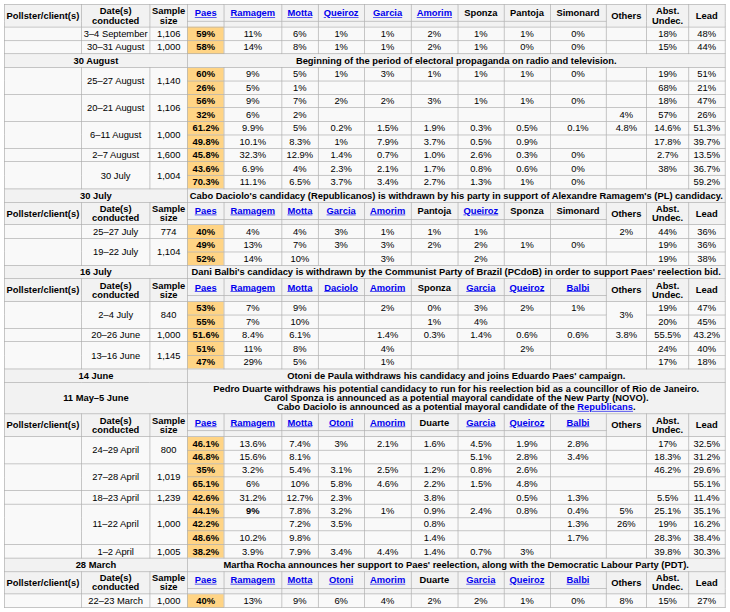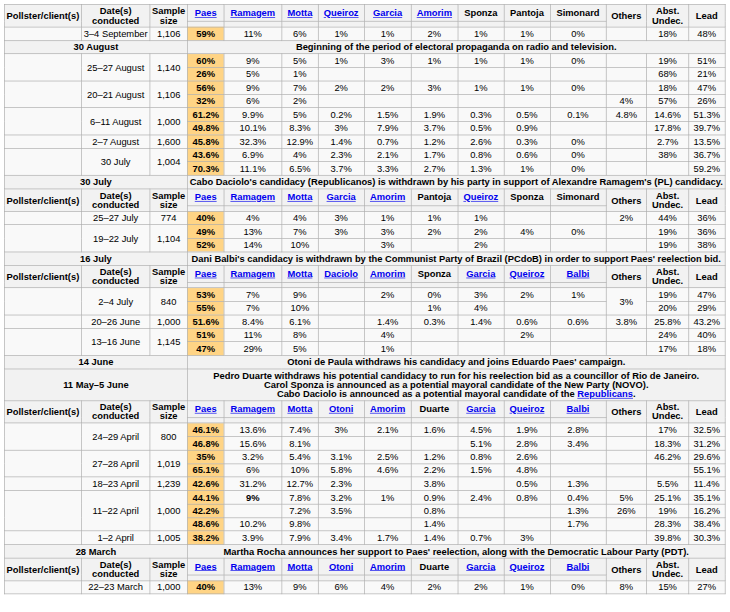 <table class="wikitable" style="text-align:center;font-size:90%;line-height:14px;">
 <tr>
 <th rowspan="2">Pollster/client(s)</th>
 <th rowspan="2">Date(s)<br>conducted</th>
 <th rowspan="2">Sample<br>size</th>
 <th><a href='#'>Paes</a><br></th>
 <th><a href='#'>Ramagem</a><br></th>
 <th><a href='#'>Motta</a><br></th>
 <th><a href='#'>Queiroz</a><br></th>
 <th><a href='#'>Garcia</a><br></th>
 <th><a href='#'>Amorim</a><br></th>
 <th>Sponza<br></th>
 <th>Pantoja<br></th>
 <th>Simonard<br></th>
 <th rowspan="2">Others</th>
 <th rowspan="2">Abst.<br>Undec.</th>
 <th rowspan="2">Lead</th>
 </tr>
 <tr>
 <th class="sortable" data-sort-type="number" style="background:"></th>
 <th class="sortable" data-sort-type="number" style="background:"></th>
 <th class="sortable" data-sort-type="number" style="background:"></th>
 <th class="sortable" data-sort-type="number" style="background:"></th>
 <th class="sortable" data-sort-type="number" style="background:"></th>
 <th class="sortable" data-sort-type="number" style="background:"></th>
 <th class="sortable" data-sort-type="number" style="background:"></th>
 <th class="sortable" data-sort-type="number" style="background:"></th>
 <th class="sortable" data-sort-type="number" style="background:"></th>
 </tr>
 <tr>
 <td></td>
 <td>3–4 September</td>
 <td>1,106</td>
 <td style="background:#ffd485;"><strong>59%</strong></td>
 <td>11%</td>
 <td>6%</td>
 <td>1%</td>
 <td>1%</td>
 <td>2%</td>
 <td>1%</td>
 <td>1%</td>
 <td>0%</td>
 <td></td>
 <td>18%</td>
 <td style="background:">48%</td>
-</tr>
-<tr>
-<td></td>
-<td>30–31 August</td>
-<td>1,000</td>
-<td style="background:#ffd485;"><strong>58%</strong></td>
-<td>14%</td>
-<td>8%</td>
-<td>1%</td>
-<td>1%</td>
-<td>2%</td>
-<td>1%</td>
-<td>0%</td>
-<td>0%</td>
-<td></td>
-<td>15%</td>
-<td style="background:">44%</td>
 </tr>
 <tr>
 <th colspan="3">30 August</th>
 <th colspan="12">Beginning of the period of electoral propaganda on radio and television.</th>
 </tr>
 <tr>
 <td rowspan="2"></td>
 <td rowspan="2">25–27 August</td>
 <td rowspan="2">1,140</td>
 <td style="background:#ffd485;"><strong>60%</strong></td>
 <td>9%</td>
 <td>5%</td>
 <td>1%</td>
 <td>3%</td>
 <td>1%</td>
 <td>1%</td>
 <td>1%</td>
 <td>0%</td>
 <td></td>
 <td>19%</td>
 <td style="background:">51%</td>
 </tr>
 <tr>
 <td style="background:#ffd485;"><strong>26%</strong></td>
 <td>5%</td>
 <td>1%</td>
 <td></td>
 <td></td>
 <td></td>
 <td></td>
 <td></td>
 <td></td>
 <td></td>
 <td>68%</td>
 <td style="background:">21%</td>
 </tr>
 <tr>
 <td rowspan="2"></td>
 <td rowspan="2">20–21 August</td>
 <td rowspan="2">1,106</td>
 <td style="background:#ffd485;"><strong>56%</strong></td>
 <td>9%</td>
 <td>7%</td>
 <td>2%</td>
 <td>2%</td>
 <td>3%</td>
 <td>1%</td>
 <td>1%</td>
 <td>0%</td>
 <td></td>
 <td>18%</td>
 <td style="background:">47%</td>
 </tr>
 <tr>
 <td style="background:#ffd485;"><strong>32%</strong></td>
 <td>6%</td>
 <td>2%</td>
 <td></td>
 <td></td>
 <td></td>
 <td></td>
 <td></td>
 <td></td>
 <td>4%</td>
 <td>57%</td>
 <td style="background:">26%</td>
 </tr>
 <tr>
 <td rowspan="2"></td>
 <td rowspan="2">6–11 August</td>
 <td rowspan="2">1,000</td>
 <td style="background:#ffd485;"><strong>61.2%</strong></td>
 <td>9.9%</td>
 <td>5%</td>
 <td>0.2%</td>
 <td>1.5%</td>
 <td>1.9%</td>
 <td>0.3%</td>
 <td>0.5%</td>
 <td>0.1%</td>
 <td>4.8%</td>
 <td>14.6%</td>
 <td style="background:">51.3%</td>
 </tr>
 <tr>
 <td style="background:#ffd485;"><strong>49.8%</strong></td>
 <td>10.1%</td>
 <td>8.3%</td>
-<td>1%</td>
+<td>3%</td>
 <td>7.9%</td>
 <td>3.7%</td>
 <td>0.5%</td>
 <td>0.9%</td>
 <td></td>
 <td></td>
 <td>17.8%</td>
 <td style="background:">39.7%</td>
 </tr>
 <tr>
 <td></td>
 <td>2–7 August</td>
 <td>1,600</td>
 <td style="background:#ffd485;"><strong>45.8%</strong></td>
 <td>32.3%</td>
 <td>12.9%</td>
 <td>1.4%</td>
 <td>0.7%</td>
-<td>1.0%</td>
+<td>1.2%</td>
 <td>2.6%</td>
 <td>0.3%</td>
 <td>0%</td>
 <td></td>
 <td>2.7%</td>
 <td style="background:">13.5%</td>
 </tr>
 <tr>
 <td rowspan="2"></td>
 <td rowspan="2">30 July</td>
 <td rowspan="2">1,004</td>
 <td style="background:#ffd485;"><strong>43.6%</strong></td>
 <td>6.9%</td>
 <td>4%</td>
 <td>2.3%</td>
 <td>2.1%</td>
 <td>1.7%</td>
 <td>0.8%</td>
 <td>0.6%</td>
 <td>0%</td>
 <td></td>
 <td>38%</td>
 <td style="background:">36.7%</td>
 </tr>
 <tr>
 <td style="background:#ffd485;"><strong>70.3%</strong></td>
 <td>11.1%</td>
 <td>6.5%</td>
 <td>3.7%</td>
-<td>3.4%</td>
+<td>3.3%</td>
 <td>2.7%</td>
 <td>1.3%</td>
 <td>1%</td>
 <td>0%</td>
 <td></td>
 <td></td>
 <td style="background:">59.2%</td>
 </tr>
 <tr>
 <th colspan="3">30 July</th>
 <th colspan="12">Cabo Daciolo's candidacy (Republicanos) is withdrawn by his party in support of Alexandre Ramagem's (PL) candidacy.</th>
 </tr>
 <tr>
 <th rowspan="2">Pollster/client(s)</th>
 <th rowspan="2">Date(s)<br>conducted</th>
 <th rowspan="2">Sample<br>size</th>
 <th><a href='#'>Paes</a><br></th>
 <th><a href='#'>Ramagem</a><br></th>
 <th><a href='#'>Motta</a><br></th>
 <th><a href='#'>Garcia</a><br></th>
 <th><a href='#'>Amorim</a><br></th>
 <th>Pantoja<br></th>
 <th><a href='#'>Queiroz</a><br></th>
 <th>Sponza<br></th>
 <th>Simonard<br></th>
 <th rowspan="2">Others</th>
 <th rowspan="2">Abst.<br>Undec.</th>
 <th rowspan="2">Lead</th>
 </tr>
 <tr>
 <th class="sortable" data-sort-type="number" style="background:"></th>
 <th class="sortable" data-sort-type="number" style="background:"></th>
 <th class="sortable" data-sort-type="number" style="background:"></th>
 <th class="sortable" data-sort-type="number" style="background:"></th>
 <th class="sortable" data-sort-type="number" style="background:"></th>
 <th class="sortable" data-sort-type="number" style="background:"></th>
 <th class="sortable" data-sort-type="number" style="background:"></th>
 <th class="sortable" data-sort-type="number" style="background:"></th>
 <th class="sortable" data-sort-type="number" style="background:"></th>
 </tr>
 <tr>
 <td></td>
 <td>25–27 July</td>
 <td>774</td>
 <td style="background:#ffd485;"><strong>40%</strong></td>
 <td>4%</td>
 <td>4%</td>
 <td>3%</td>
 <td>1%</td>
 <td>1%</td>
 <td>1%</td>
 <td></td>
 <td></td>
 <td>2%</td>
 <td>44%</td>
 <td style="background:">36%</td>
 </tr>
 <tr>
 <td rowspan="2"></td>
 <td rowspan="2">19–22 July</td>
 <td rowspan="2">1,104</td>
 <td style="background:#ffd485;"><strong>49%</strong></td>
 <td>13%</td>
 <td>7%</td>
 <td>3%</td>
 <td>3%</td>
 <td>2%</td>
 <td>2%</td>
-<td>1%</td>
+<td>4%</td>
 <td>0%</td>
 <td></td>
 <td>19%</td>
 <td style="background:">36%</td>
 </tr>
 <tr>
 <td style="background:#ffd485;"><strong>52%</strong></td>
 <td>14%</td>
 <td>10%</td>
 <td></td>
 <td>3%</td>
 <td></td>
 <td>2%</td>
 <td></td>
 <td></td>
 <td></td>
 <td>19%</td>
 <td style="background:">38%</td>
 </tr>
 <tr>
 <th colspan="3">16 July</th>
 <th colspan="12">Dani Balbi's candidacy is withdrawn by the Communist Party of Brazil (PCdoB) in order to support Paes' reelection bid.</th>
 </tr>
 <tr>
 <th rowspan="2">Pollster/client(s)</th>
 <th rowspan="2">Date(s)<br>conducted</th>
 <th rowspan="2">Sample<br>size</th>
 <th><a href='#'>Paes</a><br></th>
 <th><a href='#'>Ramagem</a><br></th>
 <th><a href='#'>Motta</a><br></th>
 <th><a href='#'>Daciolo</a><br></th>
 <th><a href='#'>Amorim</a><br></th>
 <th>Sponza<br></th>
 <th><a href='#'>Garcia</a><br></th>
 <th><a href='#'>Queiroz</a><br></th>
 <th><a href='#'>Balbi</a><br></th>
 <th rowspan="2">Others</th>
 <th rowspan="2">Abst.<br>Undec.</th>
 <th rowspan="2">Lead</th>
 </tr>
 <tr>
 <th class="sortable" data-sort-type="number" style="background:"></th>
 <th class="sortable" data-sort-type="number" style="background:"></th>
 <th class="sortable" data-sort-type="number" style="background:"></th>
 <th class="sortable" data-sort-type="number" style="background:"></th>
 <th class="sortable" data-sort-type="number" style="background:"></th>
 <th class="sortable" data-sort-type="number" style="background:"></th>
 <th class="sortable" data-sort-type="number" style="background:"></th>
 <th class="sortable" data-sort-type="number" style="background:"></th>
 <th class="sortable" data-sort-type="number" style="background:"></th>
 </tr>
 <tr>
 <td rowspan="2"></td>
 <td rowspan="2">2–4 July</td>
 <td rowspan="2">840</td>
 <td style="background:#ffd485;"><strong>53%</strong></td>
 <td>7%</td>
 <td>9%</td>
 <td></td>
 <td>2%</td>
 <td>0%</td>
 <td>3%</td>
 <td>2%</td>
 <td>1%</td>
 <td rowspan="2">3%</td>
 <td>19%</td>
 <td style="background:">47%</td>
 </tr>
 <tr>
 <td style="background:#ffd485;"><strong>55%</strong></td>
 <td>7%</td>
 <td>10%</td>
 <td></td>
 <td></td>
 <td>1%</td>
 <td>4%</td>
 <td></td>
 <td></td>
 <td>20%</td>
-<td style="background:">45%</td>
+<td style="background:">29%</td>
 </tr>
 <tr>
 <td></td>
 <td>20–26 June</td>
 <td>1,000</td>
 <td style="background:#ffd485;"><strong>51.6%</strong></td>
 <td>8.4%</td>
 <td>6.1%</td>
 <td></td>
 <td>1.4%</td>
 <td>0.3%</td>
 <td>1.4%</td>
 <td>0.6%</td>
 <td>0.6%</td>
 <td>3.8%</td>
-<td>55.5%</td>
+<td>25.8%</td>
 <td style="background:">43.2%</td>
 </tr>
 <tr>
 <td rowspan="2"></td>
 <td rowspan="2">13–16 June</td>
 <td rowspan="2">1,145</td>
 <td style="background:#ffd485;"><strong>51%</strong></td>
 <td>11%</td>
 <td>8%</td>
 <td></td>
 <td>4%</td>
 <td></td>
 <td></td>
 <td>2%</td>
 <td></td>
 <td></td>
 <td>24%</td>
 <td style="background:">40%</td>
 </tr>
 <tr>
 <td style="background:#ffd485;"><strong>47%</strong></td>
 <td>29%</td>
 <td>5%</td>
 <td></td>
 <td>1%</td>
 <td></td>
 <td></td>
 <td></td>
 <td></td>
 <td></td>
 <td>17%</td>
 <td style="background:">18%</td>
 </tr>
 <tr>
 <th colspan="3">14 June</th>
 <th colspan="12">Otoni de Paula withdraws his candidacy and joins Eduardo Paes' campaign.</th>
 </tr>
 <tr>
 <th colspan="3">11 May–5 June</th>
 <th colspan="12">Pedro Duarte withdraws his potential candidacy to run for his reelection bid as a councillor of Rio de Janeiro.<br>Carol Sponza is announced as a potential mayoral candidate of the New Party (NOVO).<br>Cabo Daciolo is announced as a potential mayoral candidate of the <a href='#'>Republicans</a>.</th>
 </tr>
 <tr>
 <th rowspan="2">Pollster/client(s)</th>
 <th rowspan="2">Date(s)<br>conducted</th>
 <th rowspan="2">Sample<br>size</th>
 <th><a href='#'>Paes</a><br></th>
 <th><a href='#'>Ramagem</a><br></th>
 <th><a href='#'>Motta</a><br></th>
 <th><a href='#'>Otoni</a><br></th>
 <th><a href='#'>Amorim</a><br></th>
 <th>Duarte<br></th>
 <th><a href='#'>Garcia</a><br></th>
 <th><a href='#'>Queiroz</a><br></th>
 <th><a href='#'>Balbi</a><br></th>
 <th rowspan="2">Others</th>
 <th rowspan="2">Abst.<br>Undec.</th>
 <th rowspan="2">Lead</th>
 </tr>
 <tr>
 <th class="sortable" data-sort-type="number" style="background:"></th>
 <th class="sortable" data-sort-type="number" style="background:"></th>
 <th class="sortable" data-sort-type="number" style="background:"></th>
 <th class="sortable" data-sort-type="number" style="background:"></th>
 <th class="sortable" data-sort-type="number" style="background:"></th>
 <th class="sortable" data-sort-type="number" style="background:"></th>
 <th class="sortable" data-sort-type="number" style="background:"></th>
 <th class="sortable" data-sort-type="number" style="background:"></th>
 <th class="sortable" data-sort-type="number" style="background:"></th>
 </tr>
 <tr>
 <td rowspan="2"></td>
 <td rowspan="2">24–29 April</td>
 <td rowspan="2">800</td>
 <td style="background:#ffd485;"><strong>46.1%</strong></td>
 <td>13.6%</td>
 <td>7.4%</td>
 <td>3%</td>
 <td>2.1%</td>
 <td>1.6%</td>
 <td>4.5%</td>
 <td>1.9%</td>
 <td>2.8%</td>
 <td></td>
 <td>17%</td>
 <td style="background:">32.5%</td>
 </tr>
 <tr>
 <td style="background:#ffd485;"><strong>46.8%</strong></td>
 <td>15.6%</td>
 <td>8.1%</td>
 <td></td>
 <td></td>
 <td></td>
 <td>5.1%</td>
 <td>2.8%</td>
 <td>3.4%</td>
 <td></td>
 <td>18.3%</td>
 <td style="background:">31.2%</td>
 </tr>
 <tr>
 <td rowspan="2"></td>
 <td rowspan="2">27–28 April</td>
 <td rowspan="2">1,019</td>
 <td style="background:#ffd485;"><strong>35%</strong></td>
 <td>3.2%</td>
 <td>5.4%</td>
 <td>3.1%</td>
 <td>2.5%</td>
 <td>1.2%</td>
 <td>0.8%</td>
 <td>2.6%</td>
 <td></td>
 <td></td>
 <td>46.2%</td>
 <td style="background:">29.6%</td>
 </tr>
 <tr>
 <td style="background:#ffd485;"><strong>65.1%</strong></td>
 <td>6%</td>
 <td>10%</td>
 <td>5.8%</td>
 <td>4.6%</td>
 <td>2.2%</td>
 <td>1.5%</td>
 <td>4.8%</td>
 <td></td>
 <td></td>
 <td></td>
 <td style="background:">55.1%</td>
 </tr>
 <tr>
 <td></td>
 <td>18–23 April</td>
 <td>1,239</td>
 <td style="background:#ffd485;"><strong>42.6%</strong></td>
 <td>31.2%</td>
 <td>12.7%</td>
 <td>2.3%</td>
 <td></td>
 <td>3.8%</td>
 <td></td>
 <td>0.5%</td>
 <td>1.3%</td>
 <td></td>
 <td>5.5%</td>
 <td style="background:">11.4%</td>
 </tr>
 <tr>
 <td rowspan="3"></td>
 <td rowspan="3">11–22 April</td>
 <td rowspan="3">1,000</td>
 <td style="background:#ffd485;"><strong>44.1%</strong></td>
 <td><strong>9%</strong></td>
 <td>7.8%</td>
 <td>3.2%</td>
 <td>1%</td>
 <td>0.9%</td>
 <td>2.4%</td>
 <td>0.8%</td>
 <td>0.4%</td>
 <td>5%</td>
 <td>25.1%</td>
 <td style="background:">35.1%</td>
 </tr>
 <tr>
 <td style="background:#ffd485;"><strong>42.2%</strong></td>
 <td></td>
 <td>7.2%</td>
 <td>3.5%</td>
 <td></td>
 <td>0.8%</td>
 <td></td>
 <td></td>
 <td>1.3%</td>
 <td>26%</td>
 <td>19%</td>
 <td style="background:">16.2%</td>
 </tr>
 <tr>
 <td style="background:#ffd485;"><strong>48.6%</strong></td>
 <td>10.2%</td>
 <td>9.8%</td>
 <td></td>
 <td></td>
 <td>1.4%</td>
 <td></td>
 <td></td>
 <td>1.7%</td>
 <td></td>
 <td>28.3%</td>
 <td style="background:">38.4%</td>
 </tr>
 <tr>
 <td></td>
 <td>1–2 April</td>
 <td>1,005</td>
 <td style="background:#ffd485;"><strong>38.2%</strong></td>
 <td>3.9%</td>
 <td>7.9%</td>
 <td>3.4%</td>
-<td>4.4%</td>
+<td>1.7%</td>
 <td>1.4%</td>
 <td>0.7%</td>
 <td>3%</td>
 <td></td>
 <td></td>
 <td>39.8%</td>
 <td style="background:">30.3%</td>
 </tr>
 <tr>
 <th colspan="3">28 March</th>
 <th colspan="12">Martha Rocha announces her support to Paes' reelection, along with the Democratic Labour Party (PDT).</th>
 </tr>
 <tr>
 <th rowspan="2">Pollster/client(s)</th>
 <th rowspan="2">Date(s)<br>conducted</th>
 <th rowspan="2">Sample<br>size</th>
 <th><a href='#'>Paes</a><br></th>
 <th><a href='#'>Ramagem</a><br></th>
 <th><a href='#'>Motta</a><br></th>
 <th><a href='#'>Otoni</a><br></th>
 <th><a href='#'>Amorim</a><br></th>
 <th>Duarte<br></th>
 <th><a href='#'>Garcia</a><br></th>
 <th><a href='#'>Queiroz</a><br></th>
 <th><a href='#'>Balbi</a><br></th>
 <th rowspan="2">Others</th>
 <th rowspan="2">Abst.<br>Undec.</th>
 <th rowspan="2">Lead</th>
 </tr>
 <tr>
 <th class="sortable" data-sort-type="number" style="background:"></th>
 <th class="sortable" data-sort-type="number" style="background:"></th>
 <th class="sortable" data-sort-type="number" style="background:"></th>
 <th class="sortable" data-sort-type="number" style="background:"></th>
 <th class="sortable" data-sort-type="number" style="background:"></th>
 <th class="sortable" data-sort-type="number" style="background:"></th>
 <th class="sortable" data-sort-type="number" style="background:"></th>
 <th class="sortable" data-sort-type="number" style="background:"></th>
 <th class="sortable" data-sort-type="number" style="background:"></th>
 </tr>
 <tr>
 <td></td>
 <td>22–23 March</td>
 <td>1,000</td>
 <td style="background:#ffd485;"><strong>40%</strong></td>
 <td>13%</td>
 <td>9%</td>
 <td>6%</td>
 <td>4%</td>
 <td>2%</td>
 <td>2%</td>
 <td>1%</td>
 <td>0%</td>
 <td>8%</td>
 <td>15%</td>
 <td style="background:">27%</td>
 </tr>
 </table>
